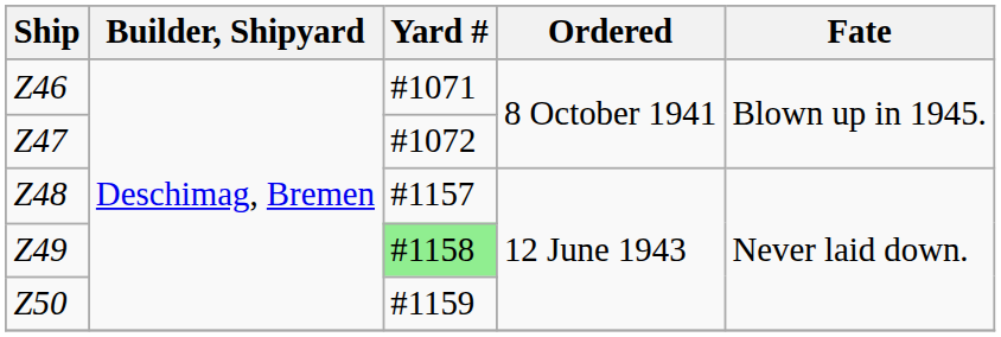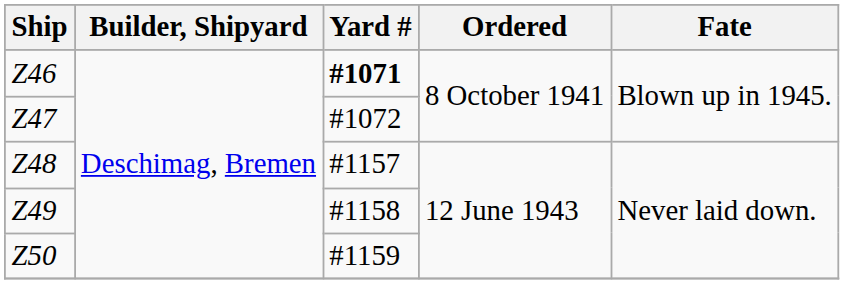 <table class="wikitable" border="1">
 <tr>
 <th>Ship</th>
 <th>Builder, Shipyard</th>
 <th>Yard #</th>
 <th>Ordered</th>
 <th>Fate</th>
 </tr>
 <tr>
 <td><em>Z46</em></td>
 <td rowspan=5><a href='#'>Deschimag</a>, <a href='#'>Bremen</a></td>
-<td>#1071</td>
+<td><strong>#1071</strong></td>
 <td rowspan=2>8 October 1941</td>
 <td rowspan=2>Blown up in 1945.</td>
 </tr>
 <tr>
 <td><em>Z47</em></td>
 <td>#1072</td>
 </tr>
 <tr>
 <td><em>Z48</em></td>
 <td>#1157</td>
 <td rowspan=3>12 June 1943</td>
 <td rowspan=3>Never laid down.</td>
 </tr>
 <tr>
 <td><em>Z49</em></td>
-<td style="background: lightgreen;">#1158</td>
+<td>#1158</td>
 </tr>
 <tr>
 <td><em>Z50</em></td>
 <td>#1159</td>
 </tr>
 <tr>
 </tr>
 </table>
